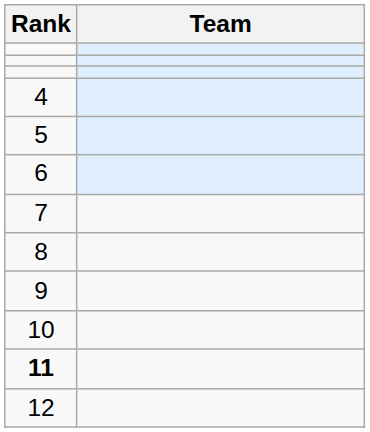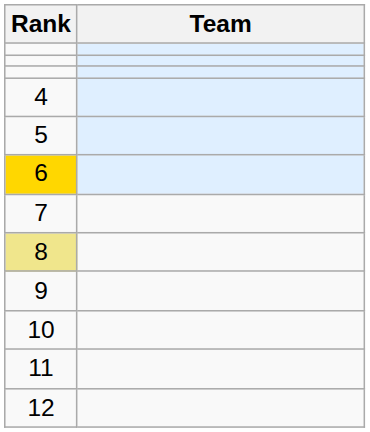 <table class="wikitable" style="text-align: center;">
 <tr>
 <th width=40>Rank</th>
 <th width=180>Team</th>
 </tr>
 <tr align=center|bc=#dfefff>
 <td></td>
 <td style="text-align:left;background:#dfefff;"></td>
 </tr>
 <tr align=center>
 <td></td>
 <td style="text-align:left;background:#dfefff;"></td>
 </tr>
 <tr align=center>
 <td></td>
 <td style="text-align:left;background:#dfefff;"></td>
 </tr>
 <tr align=center>
 <td>4</td>
 <td style="text-align:left;background:#dfefff;"></td>
 </tr>
 <tr align=center>
 <td>5</td>
 <td style="text-align:left;background:#dfefff;"></td>
 </tr>
 <tr align=center>
-<td>6</td>
+<td style="background: gold;">6</td>
 <td style="text-align:left;background:#dfefff;"></td>
 </tr>
 <tr align=center>
 <td>7</td>
 <td style="text-align:left;"></td>
 </tr>
 <tr align=center>
-<td>8</td>
+<td style="background: khaki;">8</td>
 <td style="text-align:left;"></td>
 </tr>
 <tr align=center>
 <td>9</td>
 <td style="text-align:left;"></td>
 </tr>
 <tr align=center>
 <td>10</td>
 <td style="text-align:left;"></td>
 </tr>
 <tr align=center>
-<td><strong>11</strong></td>
+<td>11</td>
 <td style="text-align:left;"></td>
 </tr>
 <tr align=center>
 <td>12</td>
 <td style="text-align:left;"></td>
 </tr>
 </table>
